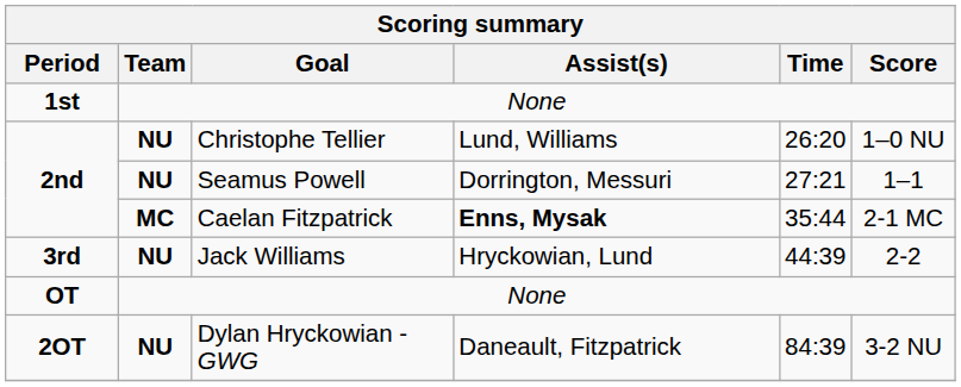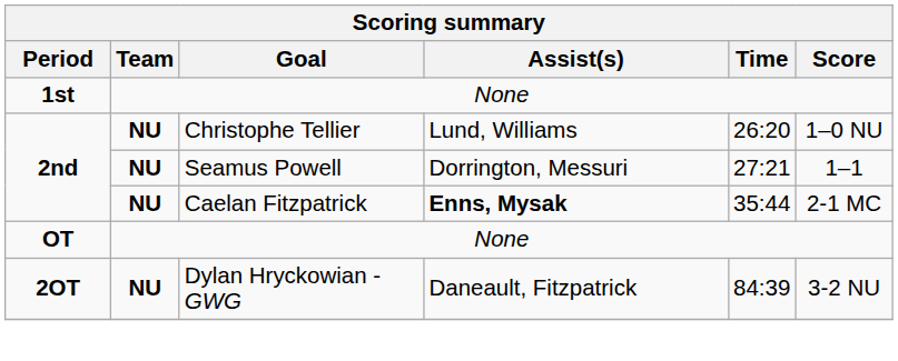 <table style="width:100%;" class="wikitable">
 <tr>
 <th colspan=6>Scoring summary</th>
 </tr>
 <tr>
 <th style="width:12%;">Period</th>
 <th style="width:7%;">Team</th>
 <th style="width:28%;">Goal</th>
 <th style="width:35%;">Assist(s)</th>
 <th style="width:7%;">Time</th>
 <th style="width:11%;">Score</th>
 </tr>
 <tr>
 <td style="text-align:center;" rowspan="1"><strong>1st</strong></td>
 <td style="text-align:center;" colspan="5"><em>None</em></td>
 </tr>
 <tr>
 <td style="text-align:center;" rowspan="3"><strong>2nd</strong></td>
 <td align=center><strong>NU</strong></td>
 <td>Christophe Tellier</td>
 <td>Lund, Williams</td>
 <td align=center>26:20</td>
 <td align=center>1–0 NU</td>
 </tr>
 <tr>
 <td align=center><strong>NU</strong></td>
 <td>Seamus Powell</td>
 <td>Dorrington, Messuri</td>
 <td align=center>27:21</td>
 <td align=center>1–1</td>
 </tr>
 <tr>
-<td align=center><strong>MC</strong></td>
+<td align=center><strong>NU</strong></td>
 <td>Caelan Fitzpatrick</td>
 <td><strong>Enns, Mysak</strong></td>
 <td align=center>35:44</td>
 <td align=center>2-1 MC</td>
-</tr>
-<tr>
-<td style="text-align:center;" rowspan="1"><strong>3rd</strong></td>
-<td align=center><strong>NU</strong></td>
-<td>Jack Williams</td>
-<td>Hryckowian, Lund</td>
-<td align=center>44:39</td>
-<td align=center>2-2</td>
 </tr>
 <tr>
 <td style="text-align:center;" rowspan="1"><strong>OT</strong></td>
 <td style="text-align:center;" colspan="5"><em>None</em></td>
 </tr>
 <tr>
 <td style="text-align:center;" rowspan="1"><strong>2OT</strong></td>
 <td align=center><strong>NU</strong></td>
 <td>Dylan Hryckowian - <em>GWG</em></td>
 <td>Daneault, Fitzpatrick</td>
 <td align=center>84:39</td>
 <td align=center>3-2 NU</td>
 </tr>
 <tr>
 </tr>
 </table>
